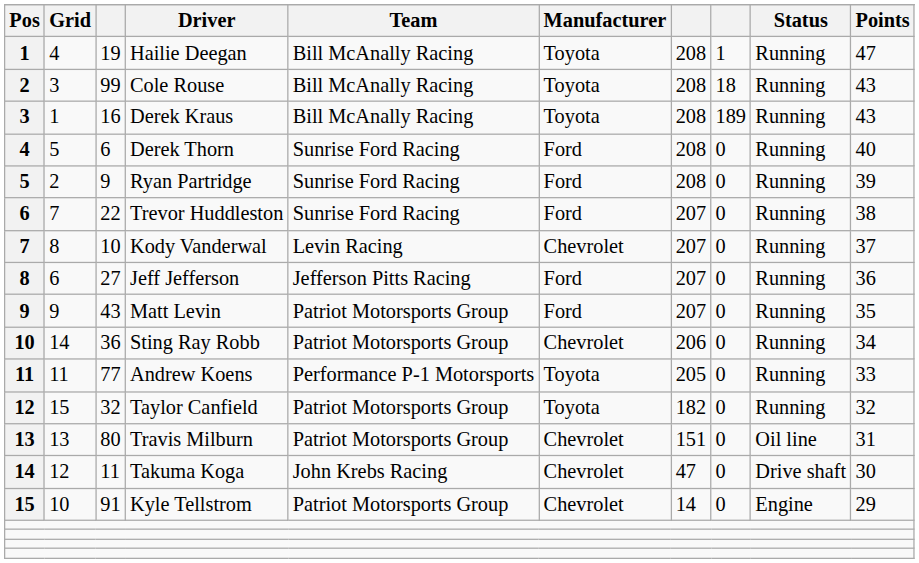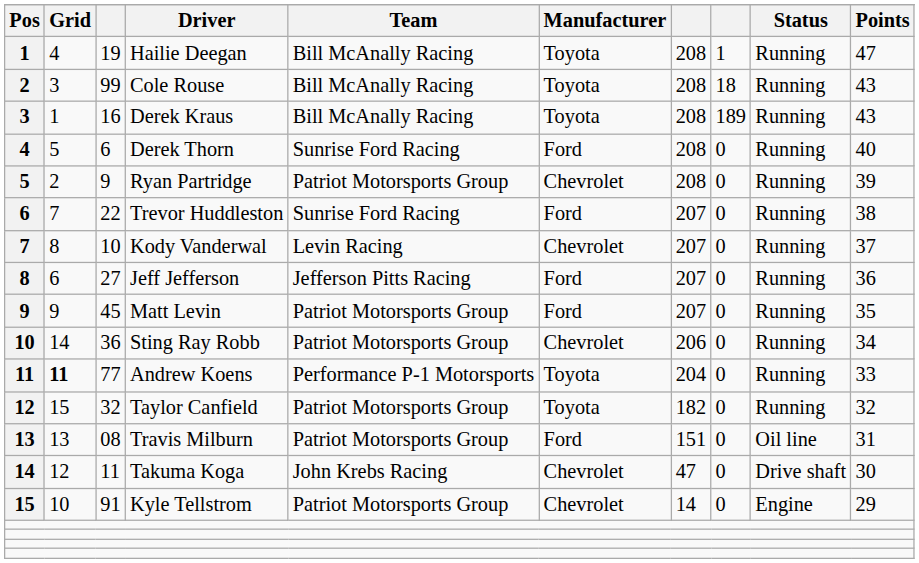 <table class="sortable wikitable" border="1">
 <tr>
 </tr>
 <tr>
 <th>Pos</th>
 <th>Grid</th>
 <th></th>
 <th>Driver</th>
 <th>Team</th>
 <th>Manufacturer</th>
 <th></th>
 <th></th>
 <th>Status</th>
 <th>Points</th>
 </tr>
 <tr>
 <th scope="row">1</th>
 <td>4</td>
 <td>19</td>
 <td>Hailie Deegan</td>
 <td>Bill McAnally Racing</td>
 <td>Toyota</td>
 <td>208</td>
 <td>1</td>
 <td>Running</td>
 <td>47</td>
 </tr>
 <tr>
 <th scope="row">2</th>
 <td>3</td>
 <td>99</td>
 <td>Cole Rouse</td>
 <td>Bill McAnally Racing</td>
 <td>Toyota</td>
 <td>208</td>
 <td>18</td>
 <td>Running</td>
 <td>43</td>
 </tr>
 <tr>
 <th scope="row">3</th>
 <td>1</td>
 <td>16</td>
 <td>Derek Kraus</td>
 <td>Bill McAnally Racing</td>
 <td>Toyota</td>
 <td>208</td>
 <td>189</td>
 <td>Running</td>
 <td>43</td>
 </tr>
 <tr>
 <th scope="row">4</th>
 <td>5</td>
 <td>6</td>
 <td>Derek Thorn</td>
 <td>Sunrise Ford Racing</td>
 <td>Ford</td>
 <td>208</td>
 <td>0</td>
 <td>Running</td>
 <td>40</td>
 </tr>
 <tr>
 <th scope="row">5</th>
 <td>2</td>
 <td>9</td>
 <td>Ryan Partridge</td>
-<td>Sunrise Ford Racing</td>
-<td>Ford</td>
+<td>Patriot Motorsports Group</td>
+<td>Chevrolet</td>
 <td>208</td>
 <td>0</td>
 <td>Running</td>
 <td>39</td>
 </tr>
 <tr>
 <th scope="row">6</th>
 <td>7</td>
 <td>22</td>
 <td>Trevor Huddleston</td>
 <td>Sunrise Ford Racing</td>
 <td>Ford</td>
 <td>207</td>
 <td>0</td>
 <td>Running</td>
 <td>38</td>
 </tr>
 <tr>
 <th scope="row">7</th>
 <td>8</td>
 <td>10</td>
 <td>Kody Vanderwal</td>
 <td>Levin Racing</td>
 <td>Chevrolet</td>
 <td>207</td>
 <td>0</td>
 <td>Running</td>
 <td>37</td>
 </tr>
 <tr>
 <th scope="row">8</th>
 <td>6</td>
 <td>27</td>
 <td>Jeff Jefferson</td>
 <td>Jefferson Pitts Racing</td>
 <td>Ford</td>
 <td>207</td>
 <td>0</td>
 <td>Running</td>
 <td>36</td>
 </tr>
 <tr>
 <th scope="row">9</th>
 <td>9</td>
-<td>43</td>
+<td>45</td>
 <td>Matt Levin</td>
 <td>Patriot Motorsports Group</td>
 <td>Ford</td>
 <td>207</td>
 <td>0</td>
 <td>Running</td>
 <td>35</td>
 </tr>
 <tr>
 <th scope="row">10</th>
 <td>14</td>
 <td>36</td>
 <td>Sting Ray Robb</td>
 <td>Patriot Motorsports Group</td>
 <td>Chevrolet</td>
 <td>206</td>
 <td>0</td>
 <td>Running</td>
 <td>34</td>
 </tr>
 <tr>
 <th scope="row">11</th>
-<td>11</td>
+<td><strong>11</strong></td>
 <td>77</td>
 <td>Andrew Koens</td>
 <td>Performance P-1 Motorsports</td>
 <td>Toyota</td>
-<td>205</td>
+<td>204</td>
 <td>0</td>
 <td>Running</td>
 <td>33</td>
 </tr>
 <tr>
 <th scope="row">12</th>
 <td>15</td>
 <td>32</td>
 <td>Taylor Canfield</td>
 <td>Patriot Motorsports Group</td>
 <td>Toyota</td>
 <td>182</td>
 <td>0</td>
 <td>Running</td>
 <td>32</td>
 </tr>
 <tr>
 <th scope="row">13</th>
 <td>13</td>
-<td>80</td>
+<td>08</td>
 <td>Travis Milburn</td>
 <td>Patriot Motorsports Group</td>
-<td>Chevrolet</td>
+<td>Ford</td>
 <td>151</td>
 <td>0</td>
 <td>Oil line</td>
 <td>31</td>
 </tr>
 <tr>
 <th scope="row">14</th>
 <td>12</td>
 <td>11</td>
 <td>Takuma Koga</td>
 <td>John Krebs Racing</td>
 <td>Chevrolet</td>
 <td>47</td>
 <td>0</td>
 <td>Drive shaft</td>
 <td>30</td>
 </tr>
 <tr>
 <th scope="row">15</th>
 <td>10</td>
 <td>91</td>
 <td>Kyle Tellstrom</td>
 <td>Patriot Motorsports Group</td>
 <td>Chevrolet</td>
 <td>14</td>
 <td>0</td>
 <td>Engine</td>
 <td>29</td>
 </tr>
 <tr class="sortbottom">
 <td colspan="10"></td>
 </tr>
 <tr>
 <td colspan="10"></td>
 </tr>
 <tr>
 <td colspan="10"></td>
 </tr>
 <tr>
 <td colspan="10"></td>
 </tr>
 </table>
